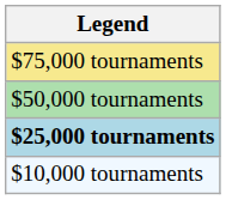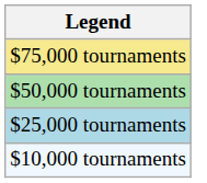 <table class="wikitable" style="font-size:85%;">
 <tr>
 <th>Legend</th>
 </tr>
 <tr style="background:#f7e98e;">
 <td>$75,000 tournaments</td>
 </tr>
 <tr style="background:#addfad;">
 <td>$50,000 tournaments</td>
 </tr>
 <tr style="background:lightblue;">
-<td><strong>$25,000 tournaments</strong></td>
+<td>$25,000 tournaments</td>
 </tr>
 <tr style="background:#f0f8ff;">
 <td>$10,000 tournaments</td>
 </tr>
 </table>
